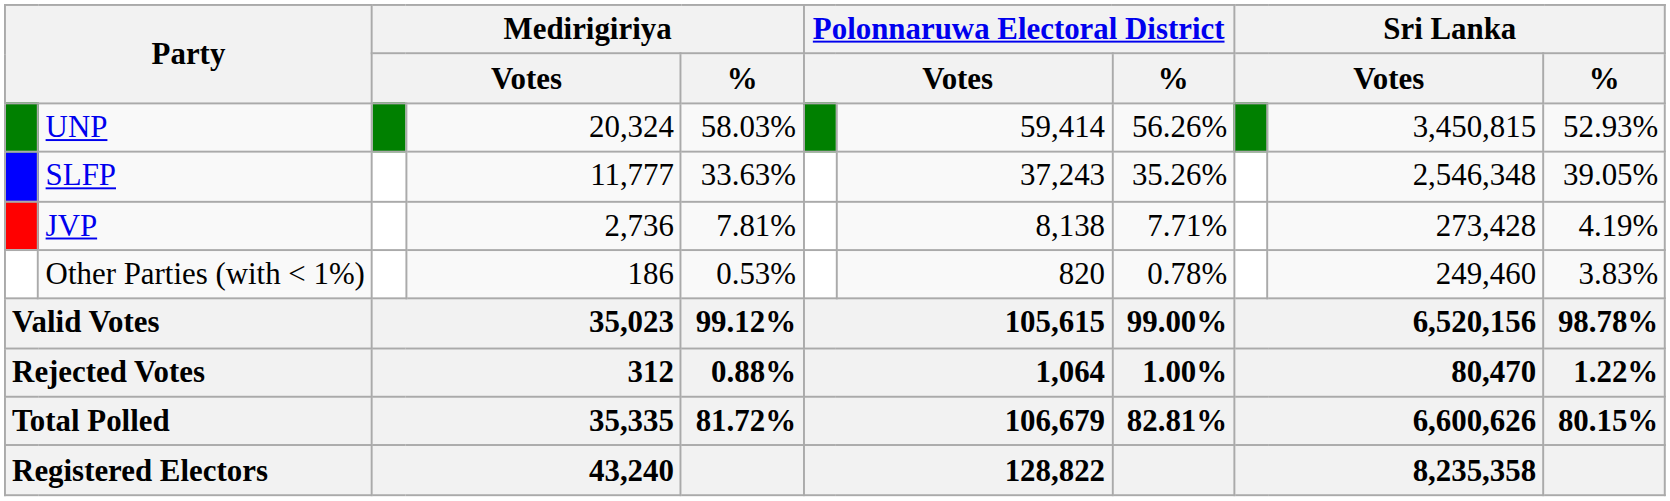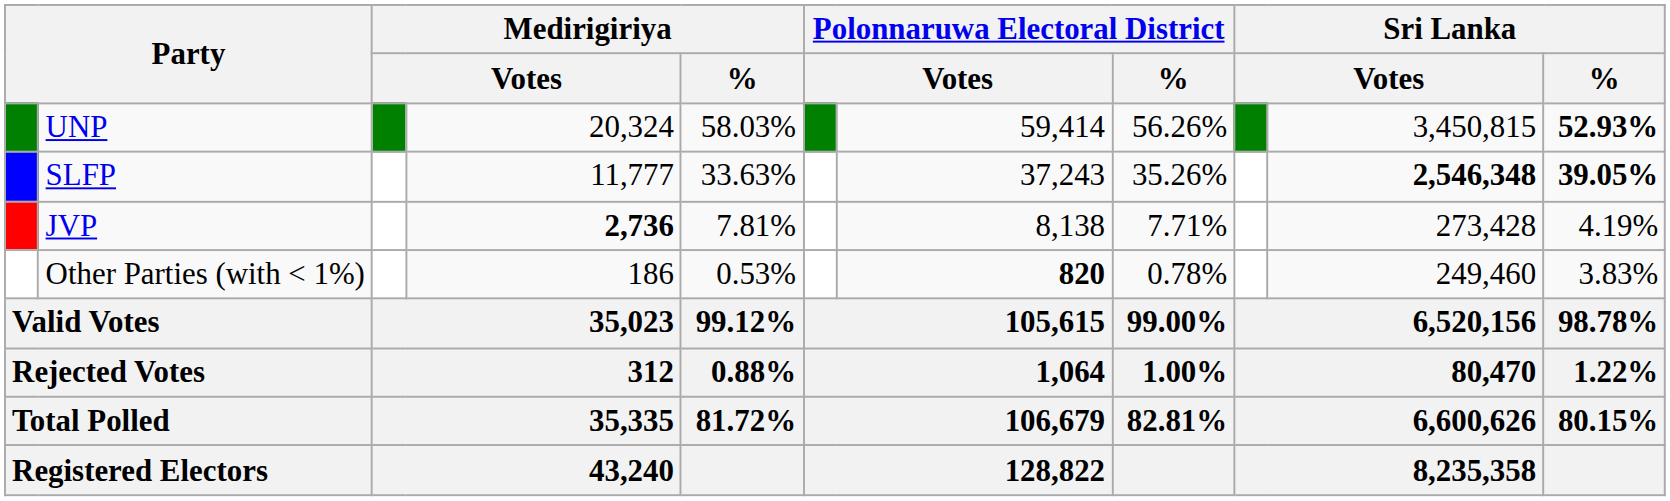 <table class="wikitable">
 <tr>
 <th colspan="2" width="144px"rowspan="2">Party</th>
 <th colspan="3" width="216px">Medirigiriya</th>
 <th colspan="3" width="216px"><a href='#'>Polonnaruwa Electoral District</a></th>
 <th colspan="3" width="216px">Sri Lanka</th>
 </tr>
 <tr>
 <th colspan="2" width="144px">Votes</th>
 <th>%</th>
 <th colspan="2" width="144px">Votes</th>
 <th>%</th>
 <th colspan="2" width="144px">Votes</th>
 <th>%</th>
 </tr>
 <tr>
 <td style="background-color:green;" width="10px"></td>
 <td style="text-align:left;"><a href='#'>UNP</a></td>
 <td style="background-color:green;" width="10px"></td>
 <td style="text-align:right;">20,324</td>
 <td style="text-align:right;">58.03%</td>
 <td style="background-color:green;" width="10px"></td>
 <td style="text-align:right;">59,414</td>
 <td style="text-align:right;">56.26%</td>
 <td style="background-color:green;" width="10px"></td>
 <td style="text-align:right;">3,450,815</td>
-<td style="text-align:right;">52.93%</td>
+<td style="text-align:right;"><strong>52.93%</strong></td>
 </tr>
 <tr>
 <td style="background-color:blue;" width="10px"></td>
 <td style="text-align:left;"><a href='#'>SLFP</a></td>
 <td style="background-color:white;" width="10px"></td>
 <td style="text-align:right;">11,777</td>
 <td style="text-align:right;">33.63%</td>
 <td style="background-color:white;" width="10px"></td>
 <td style="text-align:right;">37,243</td>
 <td style="text-align:right;">35.26%</td>
 <td style="background-color:white;" width="10px"></td>
-<td style="text-align:right;">2,546,348</td>
-<td style="text-align:right;">39.05%</td>
+<td style="text-align:right;"><strong>2,546,348</strong></td>
+<td style="text-align:right;"><strong>39.05%</strong></td>
 </tr>
 <tr>
 <td style="background-color:red;" width="10px"></td>
 <td style="text-align:left;"><a href='#'>JVP</a></td>
 <td style="background-color:white;" width="10px"></td>
-<td style="text-align:right;">2,736</td>
+<td style="text-align:right;"><strong>2,736</strong></td>
 <td style="text-align:right;">7.81%</td>
 <td style="background-color:white;" width="10px"></td>
 <td style="text-align:right;">8,138</td>
 <td style="text-align:right;">7.71%</td>
 <td style="background-color:white;" width="10px"></td>
 <td style="text-align:right;">273,428</td>
 <td style="text-align:right;">4.19%</td>
 </tr>
 <tr>
 <td style="background-color:white;" width="10px"></td>
 <td style="text-align:left;">Other Parties (with < 1%)</td>
 <td style="background-color:white;" width="10px"></td>
 <td style="text-align:right;">186</td>
 <td style="text-align:right;">0.53%</td>
 <td style="background-color:white;" width="10px"></td>
-<td style="text-align:right;">820</td>
+<td style="text-align:right;"><strong>820</strong></td>
 <td style="text-align:right;">0.78%</td>
 <td style="background-color:white;" width="10px"></td>
 <td style="text-align:right;">249,460</td>
 <td style="text-align:right;">3.83%</td>
 </tr>
 <tr>
 <th colspan="2" width="144px"style="text-align:left;">Valid Votes</th>
 <th style="text-align:right;"colspan="2" width="144px">35,023</th>
 <th style="text-align:right;">99.12%</th>
 <th style="text-align:right;"colspan="2" width="144px">105,615</th>
 <th style="text-align:right;">99.00%</th>
 <th style="text-align:right;"colspan="2" width="144px">6,520,156</th>
 <th style="text-align:right;">98.78%</th>
 </tr>
 <tr>
 <th colspan="2" width="144px"style="text-align:left;">Rejected Votes</th>
 <th style="text-align:right;"colspan="2" width="144px">312</th>
 <th style="text-align:right;">0.88%</th>
 <th style="text-align:right;"colspan="2" width="144px">1,064</th>
 <th style="text-align:right;">1.00%</th>
 <th style="text-align:right;"colspan="2" width="144px">80,470</th>
 <th style="text-align:right;">1.22%</th>
 </tr>
 <tr>
 <th colspan="2" width="144px"style="text-align:left;">Total Polled</th>
 <th style="text-align:right;"colspan="2" width="144px">35,335</th>
 <th style="text-align:right;">81.72%</th>
 <th style="text-align:right;"colspan="2" width="144px">106,679</th>
 <th style="text-align:right;">82.81%</th>
 <th style="text-align:right;"colspan="2" width="144px">6,600,626</th>
 <th style="text-align:right;">80.15%</th>
 </tr>
 <tr>
 <th colspan="2" width="144px"style="text-align:left;">Registered Electors</th>
 <th style="text-align:right;"colspan="2" width="144px">43,240</th>
 <th></th>
 <th style="text-align:right;"colspan="2" width="144px">128,822</th>
 <th></th>
 <th style="text-align:right;"colspan="2" width="144px">8,235,358</th>
 <th></th>
 </tr>
 </table>
